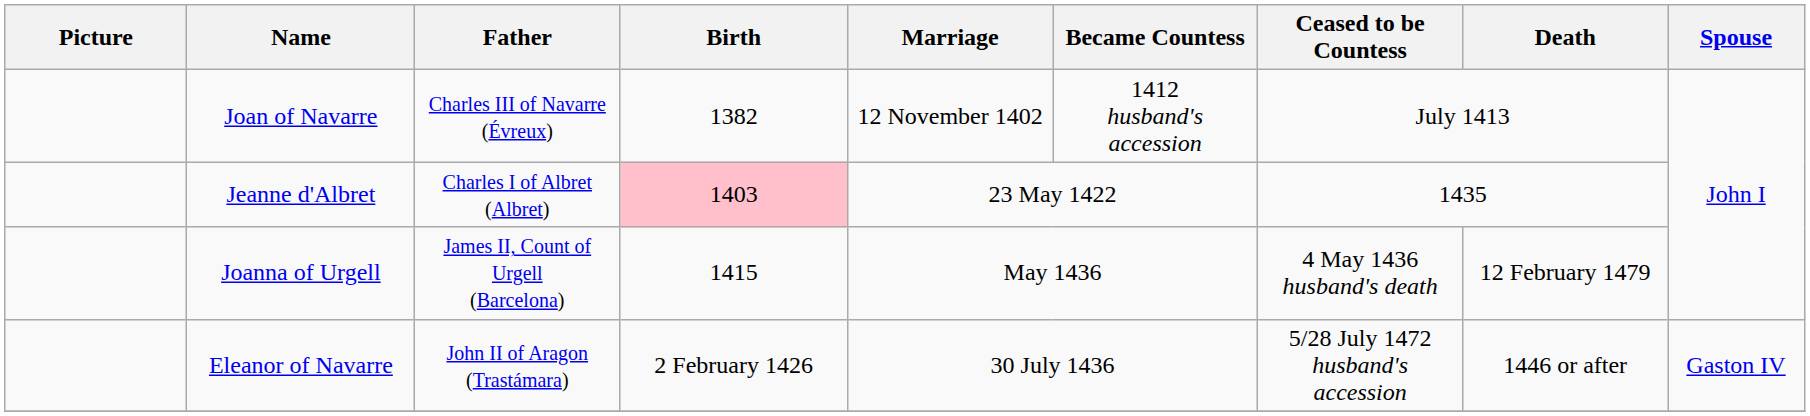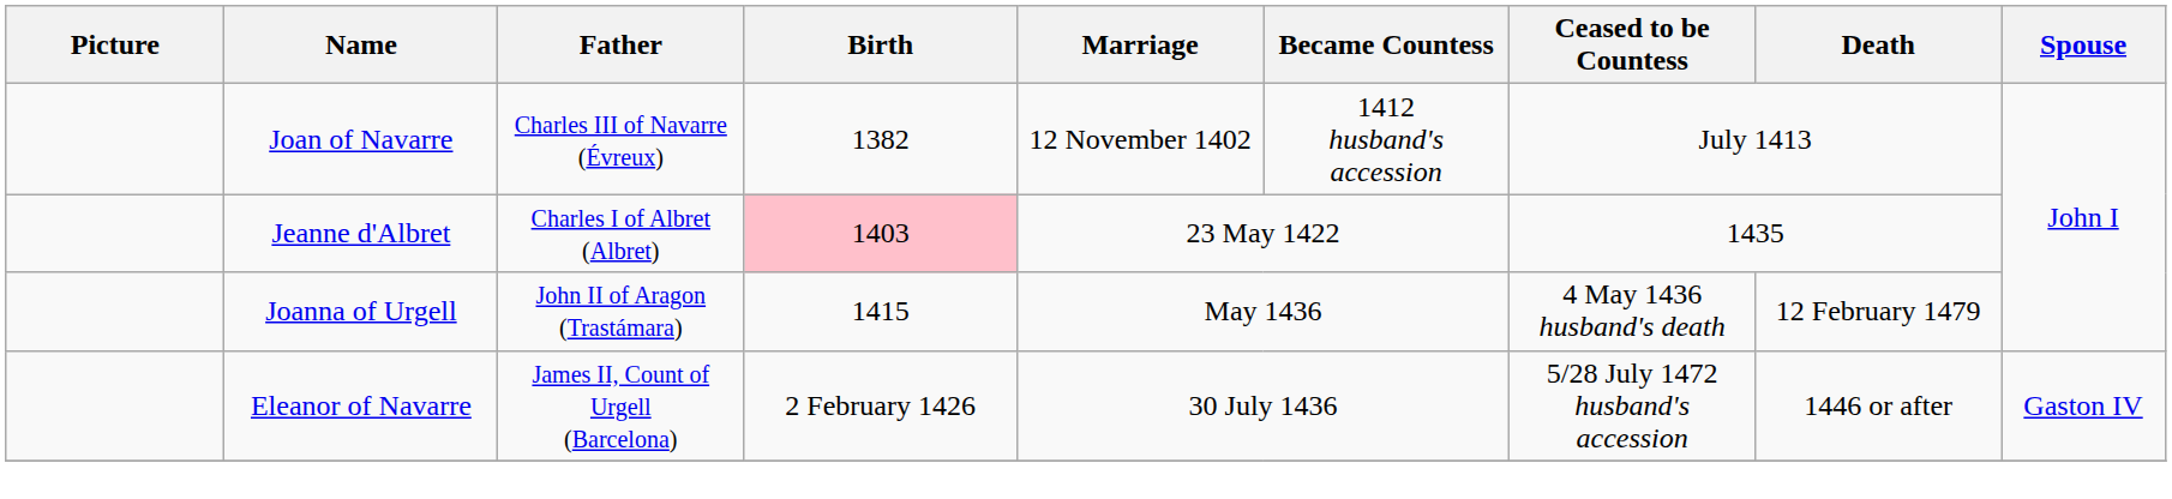 <table width=95% class="wikitable">
 <tr>
 <th width = "8%">Picture</th>
 <th width = "10%">Name</th>
 <th width = "9%">Father</th>
 <th width = "10%">Birth</th>
 <th width = "9%">Marriage</th>
 <th width = "9%">Became Countess</th>
 <th width = "9%">Ceased to be Countess</th>
 <th width = "9%">Death</th>
 <th width = "6%"><a href='#'>Spouse</a></th>
 </tr>
 <tr>
 <td align="center"></td>
 <td align="center"><a href='#'>Joan of Navarre</a></td>
 <td align="center"><small><a href='#'>Charles III of Navarre</a><br>(<a href='#'>Évreux</a>)</small></td>
 <td align="center">1382</td>
 <td align="center">12 November 1402</td>
 <td align="center">1412<br><em>husband's accession</em></td>
 <td align="center" colspan="2">July 1413</td>
 <td align="center" rowspan="3"><a href='#'>John I</a></td>
 </tr>
 <tr>
 <td align="center"></td>
 <td align="center"><a href='#'>Jeanne d'Albret</a></td>
 <td align="center"><small><a href='#'>Charles I of Albret</a><br>(<a href='#'>Albret</a>)</small></td>
 <td align="center" style="background: pink;">1403</td>
 <td align="center" colspan="2">23 May 1422</td>
 <td align="center" colspan="2">1435</td>
 </tr>
 <tr>
 <td align="center"></td>
 <td align="center"><a href='#'>Joanna of Urgell</a></td>
-<td align="center"><small><a href='#'>James II, Count of Urgell</a><br>(<a href='#'>Barcelona</a>)</small></td>
+<td align="center"><small><a href='#'>John II of Aragon</a><br>(<a href='#'>Trastámara</a>)</small></td>
 <td align="center">1415</td>
 <td align="center" colspan="2">May 1436</td>
 <td align="center">4 May 1436<br><em>husband's death</em></td>
 <td align="center">12 February 1479</td>
 </tr>
 <tr>
 <td align="center"></td>
 <td align="center"><a href='#'>Eleanor of Navarre</a></td>
-<td align="center"><small><a href='#'>John II of Aragon</a><br>(<a href='#'>Trastámara</a>)</small></td>
+<td align="center"><small><a href='#'>James II, Count of Urgell</a><br>(<a href='#'>Barcelona</a>)</small></td>
 <td align="center">2 February 1426</td>
 <td align="center" colspan="2">30 July 1436</td>
 <td align="center">5/28 July 1472<br><em>husband's accession</em></td>
 <td align="center">1446 or after</td>
 <td align="center"><a href='#'>Gaston IV</a></td>
 </tr>
 <tr>
 </tr>
 </table>
